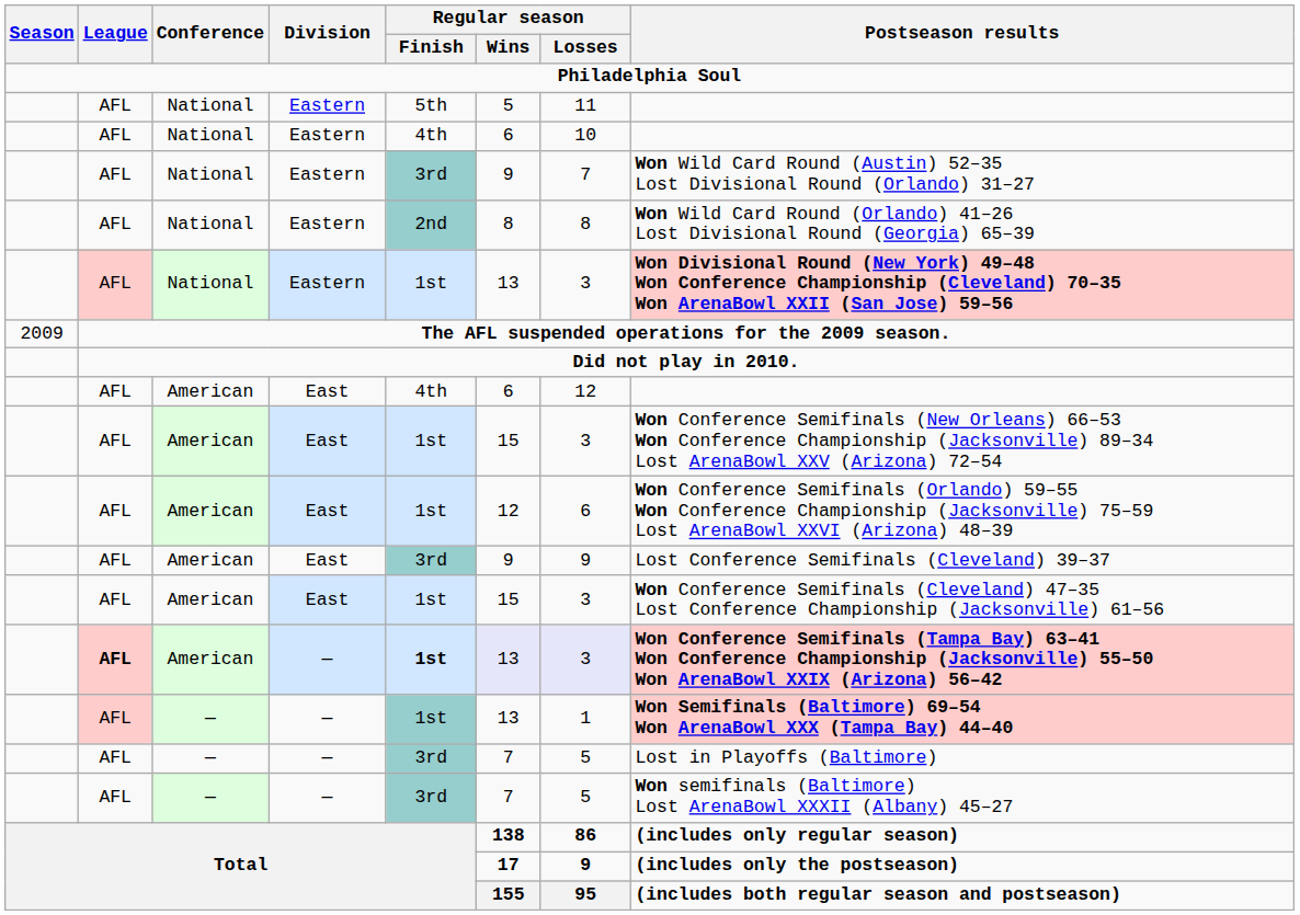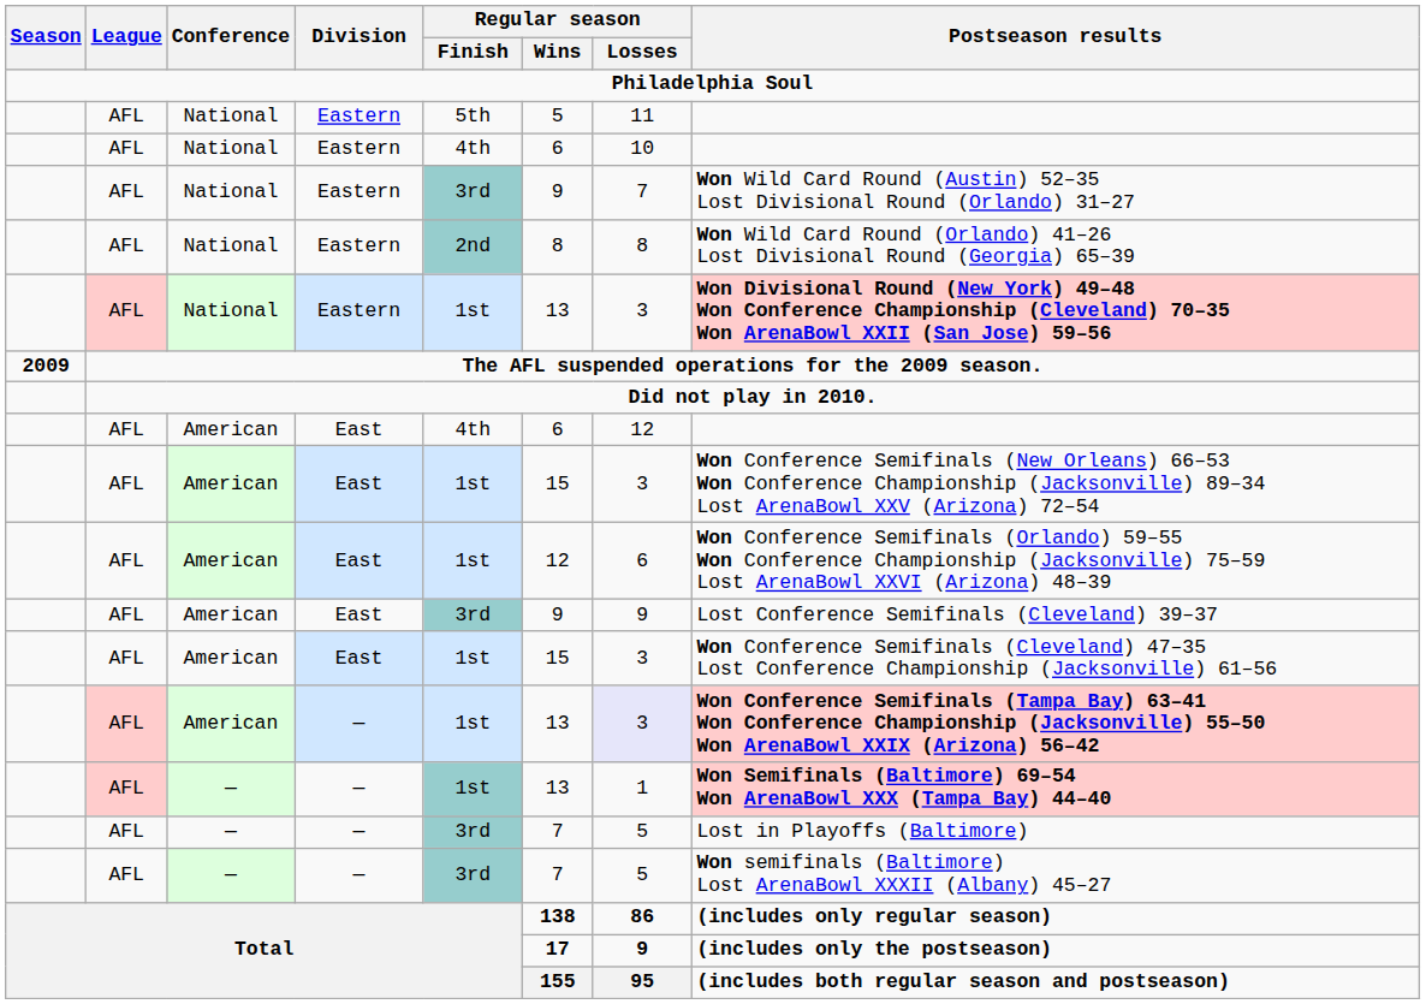 <table class="wikitable" style="font-size: 95%; width:70%;">
 <tr>
 <th rowspan="2" style="width:5%;"><a href='#'>Season</a></th>
 <th rowspan="2" style="width:5%;"><a href='#'>League</a></th>
 <th rowspan="2" style="width:5%;">Conference</th>
 <th rowspan="2">Division</th>
 <th colspan="3">Regular season</th>
 <th rowspan="2">Postseason results</th>
 </tr>
 <tr>
 <th>Finish</th>
 <th>Wins</th>
 <th>Losses</th>
 </tr>
 <tr>
 <td align="center" Colspan="8"><strong>Philadelphia Soul</strong></td>
 </tr>
 <tr>
 <td align="center"></td>
 <td align="center">AFL</td>
 <td align="center">National</td>
 <td align="center"><a href='#'>Eastern</a></td>
 <td align="center">5th</td>
 <td align="center">5</td>
 <td align="center">11</td>
 <td></td>
 </tr>
 <tr>
 <td align="center"></td>
 <td align="center">AFL</td>
 <td align="center">National</td>
 <td align="center">Eastern</td>
 <td align="center">4th</td>
 <td align="center">6</td>
 <td align="center">10</td>
 <td></td>
 </tr>
 <tr>
 <td align="center"></td>
 <td align="center">AFL</td>
 <td align="center">National</td>
 <td align="center">Eastern</td>
 <td align="center" bgcolor="#96CDCD">3rd</td>
 <td align="center">9</td>
 <td align="center">7</td>
 <td><strong>Won</strong> Wild Card Round (<a href='#'>Austin</a>) 52–35 <br> Lost Divisional Round (<a href='#'>Orlando</a>) 31–27</td>
 </tr>
 <tr>
 <td align="center"></td>
 <td align="center">AFL</td>
 <td align="center">National</td>
 <td align="center">Eastern</td>
 <td align="center" bgcolor="#96CDCD">2nd</td>
 <td align="center">8</td>
 <td align="center">8</td>
 <td><strong>Won</strong> Wild Card Round (<a href='#'>Orlando</a>) 41–26 <br> Lost Divisional Round (<a href='#'>Georgia</a>) 65–39</td>
 </tr>
 <tr>
 <td align="center"></td>
 <td align="center" bgcolor="#FFCCCC">AFL</td>
 <td align="center" bgcolor="#DDFFDD">National</td>
 <td align="center" bgcolor="#D0E7FF">Eastern</td>
 <td align="center" bgcolor="#D0E7FF">1st</td>
 <td align="center">13</td>
 <td align="center">3</td>
 <td bgcolor="#FFCCCC"><strong>Won Divisional Round (<a href='#'>New York</a>) 49–48 <br> Won Conference Championship (<a href='#'>Cleveland</a>) 70–35 <br> Won <a href='#'>ArenaBowl XXII</a> (<a href='#'>San Jose</a>) 59–56</strong></td>
 </tr>
 <tr>
-<td align="center">2009</td>
+<td align="center"><strong>2009</strong></td>
 <td align="center" Colspan="8"><strong>The AFL suspended operations for the 2009 season.</strong></td>
 </tr>
 <tr>
 <td align="center"></td>
 <td align="center" Colspan="8"><strong>Did not play in 2010.</strong></td>
 </tr>
 <tr>
 <td align="center"></td>
 <td align="center">AFL</td>
 <td align="center">American</td>
 <td align="center">East</td>
 <td align="center">4th</td>
 <td align="center">6</td>
 <td align="center">12</td>
 <td></td>
 </tr>
 <tr>
 <td align="center"></td>
 <td align="center">AFL</td>
 <td align="center" bgcolor="#DDFFDD">American</td>
 <td align="center" bgcolor="#D0E7FF">East</td>
 <td align="center" bgcolor="#D0E7FF">1st</td>
 <td align="center">15</td>
 <td align="center">3</td>
 <td><strong>Won</strong> Conference Semifinals (<a href='#'>New Orleans</a>) 66–53 <br> <strong>Won</strong> Conference Championship (<a href='#'>Jacksonville</a>) 89–34 <br> Lost <a href='#'>ArenaBowl XXV</a> (<a href='#'>Arizona</a>) 72–54</td>
 </tr>
 <tr>
 <td align="center"></td>
 <td align="center">AFL</td>
 <td align="center" bgcolor="#DDFFDD">American</td>
 <td align="center" bgcolor="#D0E7FF">East</td>
 <td align="center" bgcolor="#D0E7FF">1st</td>
 <td align="center">12</td>
 <td align="center">6</td>
 <td><strong>Won</strong> Conference Semifinals (<a href='#'>Orlando</a>) 59–55 <br> <strong>Won</strong> Conference Championship (<a href='#'>Jacksonville</a>) 75–59 <br> Lost <a href='#'>ArenaBowl XXVI</a> (<a href='#'>Arizona</a>) 48–39</td>
 </tr>
 <tr>
 <td align="center"></td>
 <td align="center">AFL</td>
 <td align="center">American</td>
 <td align="center">East</td>
 <td align="center" bgcolor="#96CDCD">3rd</td>
 <td align="center">9</td>
 <td align="center">9</td>
 <td>Lost Conference Semifinals (<a href='#'>Cleveland</a>) 39–37</td>
 </tr>
 <tr>
 <td align="center"></td>
 <td align="center">AFL</td>
 <td align="center">American</td>
 <td align="center" bgcolor="#D0E7FF">East</td>
 <td align="center" bgcolor="#D0E7FF">1st</td>
 <td align="center">15</td>
 <td align="center">3</td>
 <td><strong>Won</strong> Conference Semifinals (<a href='#'>Cleveland</a>) 47–35 <br> Lost Conference Championship (<a href='#'>Jacksonville</a>) 61–56</td>
 </tr>
 <tr>
 <td align="center"></td>
-<td align="center" bgcolor="FFCCCC"><strong>AFL</strong></td>
+<td align="center" bgcolor="FFCCCC">AFL</td>
 <td align="center" bgcolor="DDFFDD">American</td>
 <td align="center" bgcolor="#D0E7FF">—</td>
-<td align="center" bgcolor="#D0E7FF"><strong>1st</strong></td>
-<td align="center" style="background: lavender;">13</td>
+<td align="center" bgcolor="#D0E7FF">1st</td>
+<td align="center">13</td>
 <td align="center" style="background: lavender;">3</td>
 <td bgcolor="FFCCCC"><strong>Won Conference Semifinals (<a href='#'>Tampa Bay</a>) 63–41 <br> Won Conference Championship (<a href='#'>Jacksonville</a>) 55–50 <br> Won <a href='#'>ArenaBowl XXIX</a> (<a href='#'>Arizona</a>) 56–42</strong></td>
 </tr>
 <tr>
 <td align="center"></td>
 <td align="center" bgcolor="FFCCCC">AFL</td>
 <td align="center" bgcolor="DDFFDD">—</td>
 <td align="center">—</td>
 <td align="center" bgcolor="#96CDCD">1st</td>
 <td align="center">13</td>
 <td align="center">1</td>
 <td bgcolor="FFCCCC"><strong>Won Semifinals (<a href='#'>Baltimore</a>) 69–54 <br> Won <a href='#'>ArenaBowl XXX</a> (<a href='#'>Tampa Bay</a>) 44–40</strong></td>
 </tr>
 <tr>
 <td align="center"></td>
 <td align="center">AFL</td>
 <td align="center">—</td>
 <td align="center">—</td>
 <td align="center" bgcolor="#96CDCD">3rd</td>
 <td align="center">7</td>
 <td align="center">5</td>
 <td>Lost in Playoffs (<a href='#'>Baltimore</a>)</td>
 </tr>
 <tr>
 <td align="center"></td>
 <td align="center">AFL</td>
 <td align="center" bgcolor="DDFFDD">—</td>
 <td align="center">—</td>
 <td align="center" bgcolor="#96CDCD">3rd</td>
 <td align="center">7</td>
 <td align="center">5</td>
 <td><strong>Won</strong> semifinals (<a href='#'>Baltimore</a>) <br> Lost <a href='#'>ArenaBowl XXXII</a> (<a href='#'>Albany</a>) 45–27</td>
 </tr>
 <tr>
 <th align="center" rowSpan="3" colSpan="5">Total</th>
 <td align="center"><strong>138</strong></td>
 <td align="center"><strong>86</strong></td>
 <td colSpan="2"><strong>(includes only regular season)</strong></td>
 </tr>
 <tr>
 <td align="center"><strong>17</strong></td>
 <td align="center"><strong>9</strong></td>
 <td colSpan="2"><strong>(includes only the postseason)</strong></td>
 </tr>
 <tr>
 <th align="center">155</th>
 <th align="center">95</th>
 <td colSpan="2"><strong>(includes both regular season and postseason)</strong></td>
 </tr>
 <tr>
 </tr>
 </table>
